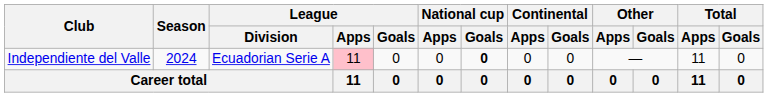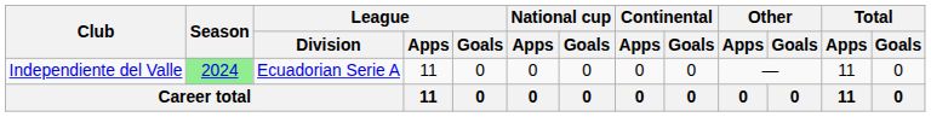 <table class="wikitable" style="text-align:center">
 <tr>
 <th rowspan="2">Club</th>
 <th rowspan="2">Season</th>
 <th colspan="3">League</th>
 <th colspan="2">National cup</th>
 <th colspan="2">Continental</th>
 <th colspan="2">Other</th>
 <th colspan="2">Total</th>
 </tr>
 <tr>
 <th>Division</th>
 <th>Apps</th>
 <th>Goals</th>
 <th>Apps</th>
 <th>Goals</th>
 <th>Apps</th>
 <th>Goals</th>
 <th>Apps</th>
 <th>Goals</th>
 <th>Apps</th>
 <th>Goals</th>
 </tr>
 <tr>
 <td><a href='#'>Independiente del Valle</a></td>
-<td><a href='#'>2024</a></td>
+<td style="background: lightgreen;"><a href='#'>2024</a></td>
 <td><a href='#'>Ecuadorian Serie A</a></td>
-<td style="background: pink;">11</td>
+<td>11</td>
 <td>0</td>
 <td>0</td>
-<td><strong>0</strong></td>
+<td>0</td>
 <td>0</td>
 <td>0</td>
 <td colspan="2">—</td>
 <td>11</td>
 <td>0</td>
 </tr>
 <tr>
 <th colspan="3">Career total</th>
 <th>11</th>
 <th>0</th>
 <th>0</th>
 <th>0</th>
 <th>0</th>
 <th>0</th>
 <th>0</th>
 <th>0</th>
 <th>11</th>
 <th>0</th>
 </tr>
 </table>
